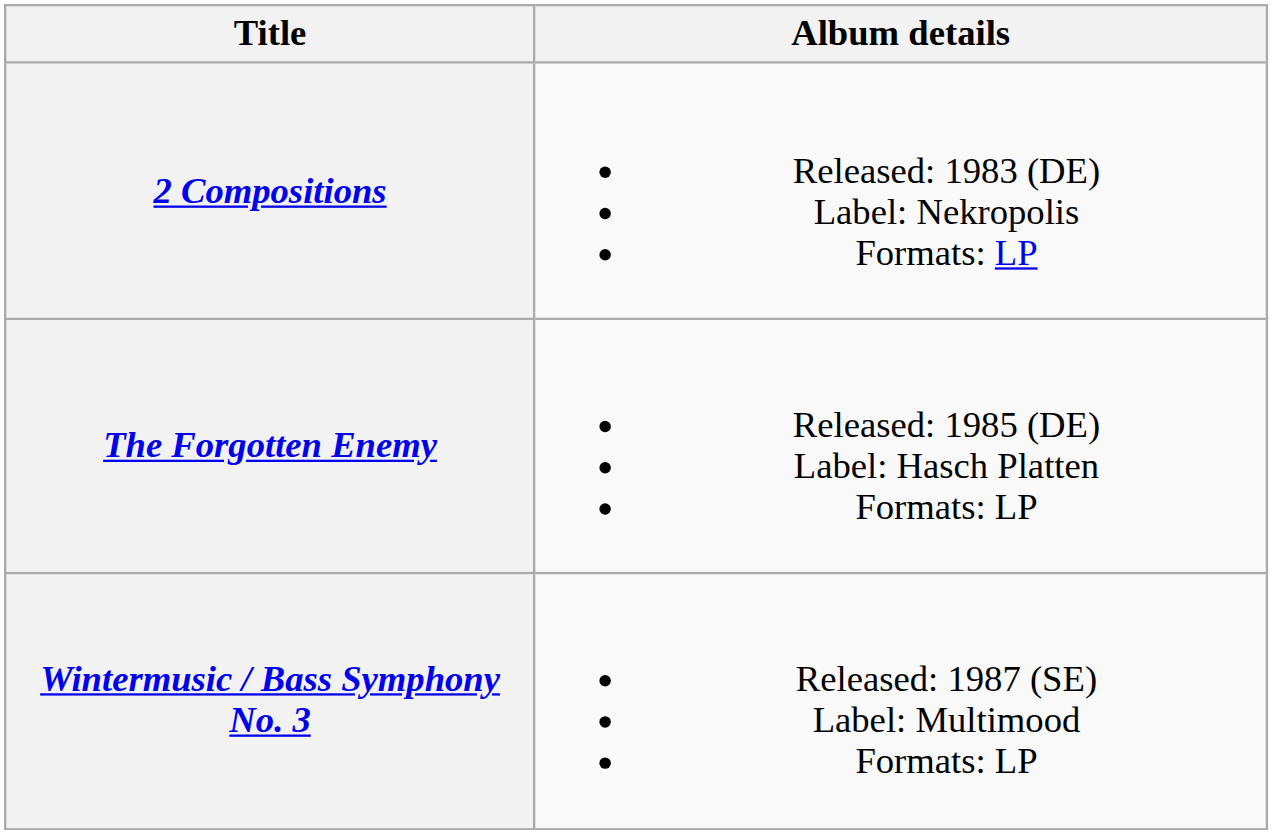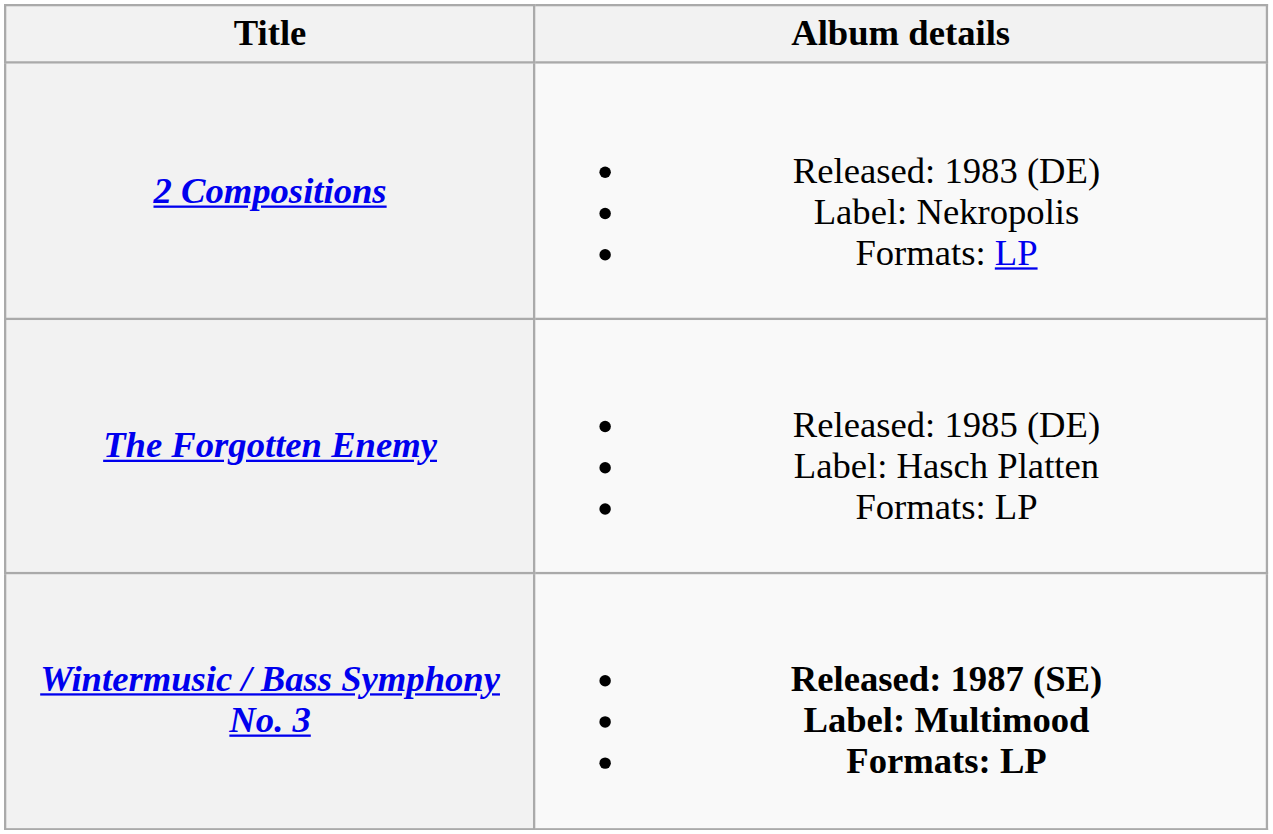 <table class="wikitable plainrowheaders" style="text-align:center;">
 <tr>
 <th scope="col" rowspan="1" style="width:14em;">Title</th>
 <th scope="col" rowspan="1" style="width:19.5em;">Album details</th>
 </tr>
 <tr>
 <th scope="row"><em><a href='#'>2 Compositions</a></em></th>
 <td><br><ul><li>Released: 1983 <span>(DE)</span></li><li>Label: Nekropolis</li><li>Formats: <a href='#'>LP</a></li></ul></td>
 </tr>
 <tr>
 <th scope="row"><em><a href='#'>The Forgotten Enemy</a></em></th>
 <td><br><ul><li>Released: 1985 <span>(DE)</span></li><li>Label: Hasch Platten</li><li>Formats: LP</li></ul></td>
 </tr>
 <tr>
 <th scope="row"><em><a href='#'>Wintermusic / Bass Symphony No. 3</a></em></th>
-<td><br><ul><li>Released: 1987 <span>(SE)</span></li><li>Label: Multimood</li><li>Formats: LP</li></ul></td>
+<td><strong><br><ul><li>Released: 1987 <span>(SE)</span></li><li>Label: Multimood</li><li>Formats: LP</li></ul></strong></td>
 </tr>
 <tr>
 </tr>
 </table>
